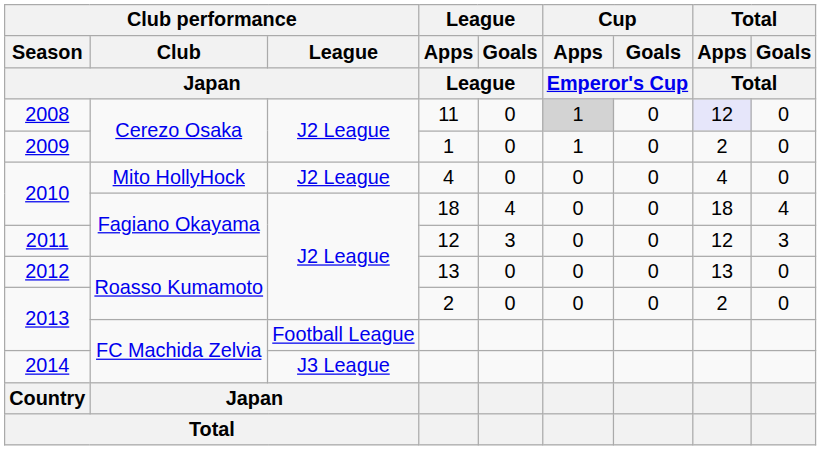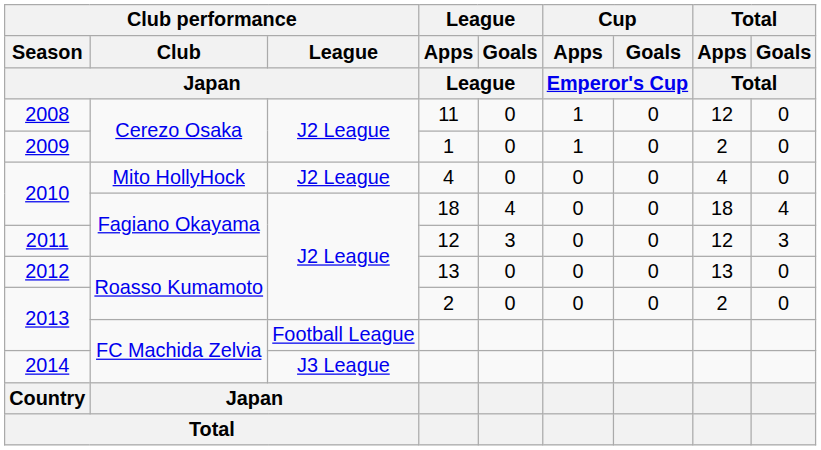 <table class="wikitable" style="text-align:center;">
 <tr>
 <th colspan=3>Club performance</th>
 <th colspan=2>League</th>
 <th colspan=2>Cup</th>
 <th colspan=2>Total</th>
 </tr>
 <tr>
 <th>Season</th>
 <th>Club</th>
 <th>League</th>
 <th>Apps</th>
 <th>Goals</th>
 <th>Apps</th>
 <th>Goals</th>
 <th>Apps</th>
 <th>Goals</th>
 </tr>
 <tr>
 <th colspan=3>Japan</th>
 <th colspan=2>League</th>
 <th colspan=2><a href='#'>Emperor's Cup</a></th>
 <th colspan=2>Total</th>
 </tr>
 <tr>
 <td><a href='#'>2008</a></td>
 <td rowspan="2"><a href='#'>Cerezo Osaka</a></td>
 <td rowspan="2"><a href='#'>J2 League</a></td>
 <td>11</td>
 <td>0</td>
-<td style="background: lightgrey;">1</td>
+<td>1</td>
 <td>0</td>
-<td style="background: lavender;">12</td>
+<td>12</td>
 <td>0</td>
 </tr>
 <tr>
 <td><a href='#'>2009</a></td>
 <td>1</td>
 <td>0</td>
 <td>1</td>
 <td>0</td>
 <td>2</td>
 <td>0</td>
 </tr>
 <tr>
 <td rowspan="2"><a href='#'>2010</a></td>
 <td><a href='#'>Mito HollyHock</a></td>
 <td><a href='#'>J2 League</a></td>
 <td>4</td>
 <td>0</td>
 <td>0</td>
 <td>0</td>
 <td>4</td>
 <td>0</td>
 </tr>
 <tr>
 <td rowspan="2"><a href='#'>Fagiano Okayama</a></td>
 <td rowspan="4"><a href='#'>J2 League</a></td>
 <td>18</td>
 <td>4</td>
 <td>0</td>
 <td>0</td>
 <td>18</td>
 <td>4</td>
 </tr>
 <tr>
 <td><a href='#'>2011</a></td>
 <td>12</td>
 <td>3</td>
 <td>0</td>
 <td>0</td>
 <td>12</td>
 <td>3</td>
 </tr>
 <tr>
 <td><a href='#'>2012</a></td>
 <td rowspan="2"><a href='#'>Roasso Kumamoto</a></td>
 <td>13</td>
 <td>0</td>
 <td>0</td>
 <td>0</td>
 <td>13</td>
 <td>0</td>
 </tr>
 <tr>
 <td rowspan="2"><a href='#'>2013</a></td>
 <td>2</td>
 <td>0</td>
 <td>0</td>
 <td>0</td>
 <td>2</td>
 <td>0</td>
 </tr>
 <tr>
 <td rowspan="2"><a href='#'>FC Machida Zelvia</a></td>
 <td><a href='#'>Football League</a></td>
 <td></td>
 <td></td>
 <td></td>
 <td></td>
 <td></td>
 <td></td>
 </tr>
 <tr>
 <td><a href='#'>2014</a></td>
 <td><a href='#'>J3 League</a></td>
 <td></td>
 <td></td>
 <td></td>
 <td></td>
 <td></td>
 <td></td>
 </tr>
 <tr>
 <th rowspan=1>Country</th>
 <th colspan=2>Japan</th>
 <th></th>
 <th></th>
 <th></th>
 <th></th>
 <th></th>
 <th></th>
 </tr>
 <tr>
 <th colspan=3>Total</th>
 <th></th>
 <th></th>
 <th></th>
 <th></th>
 <th></th>
 <th></th>
 </tr>
 </table>
